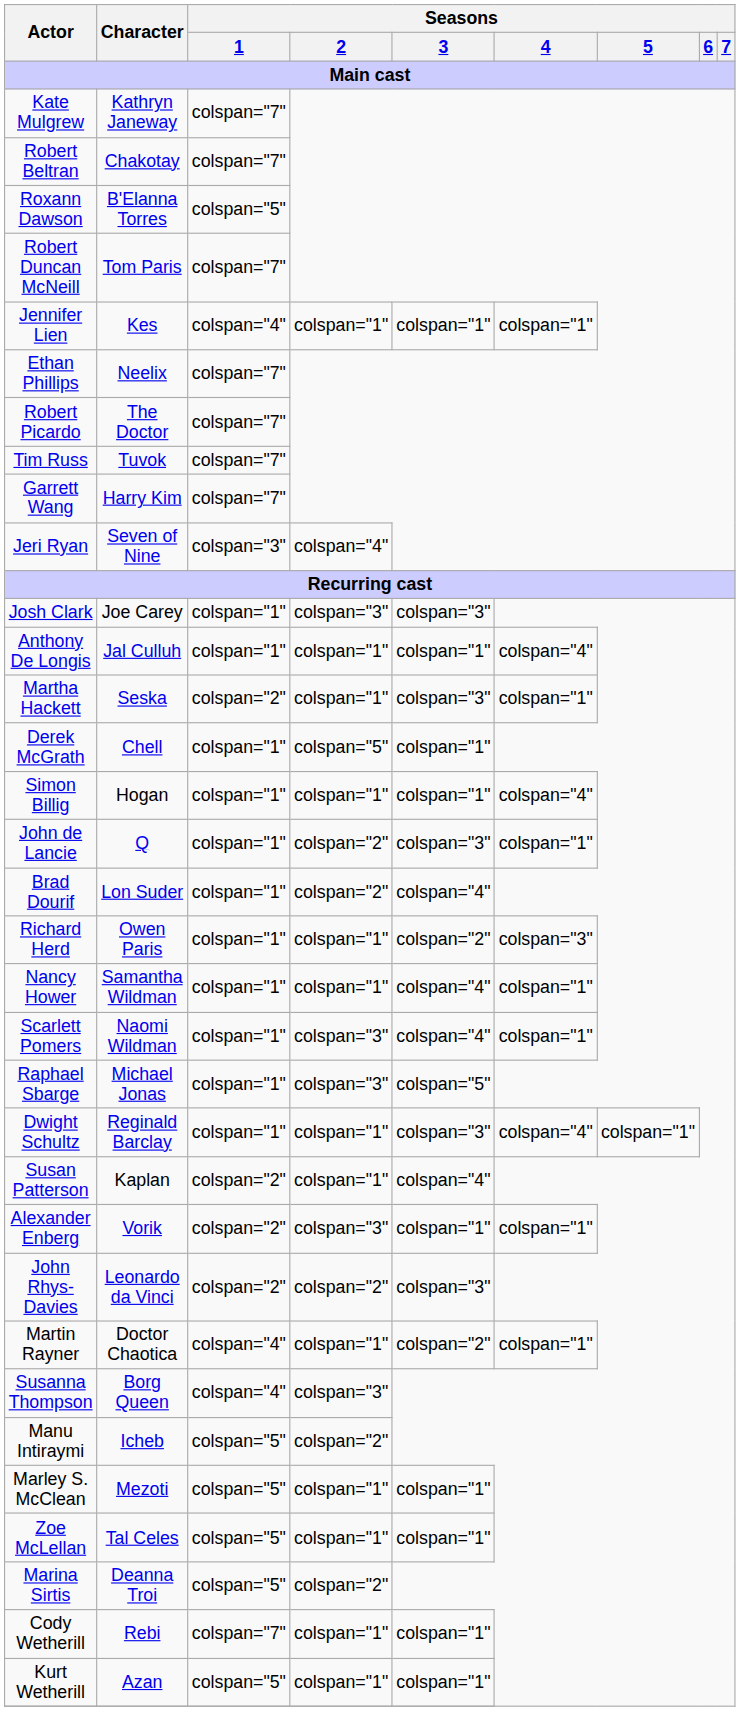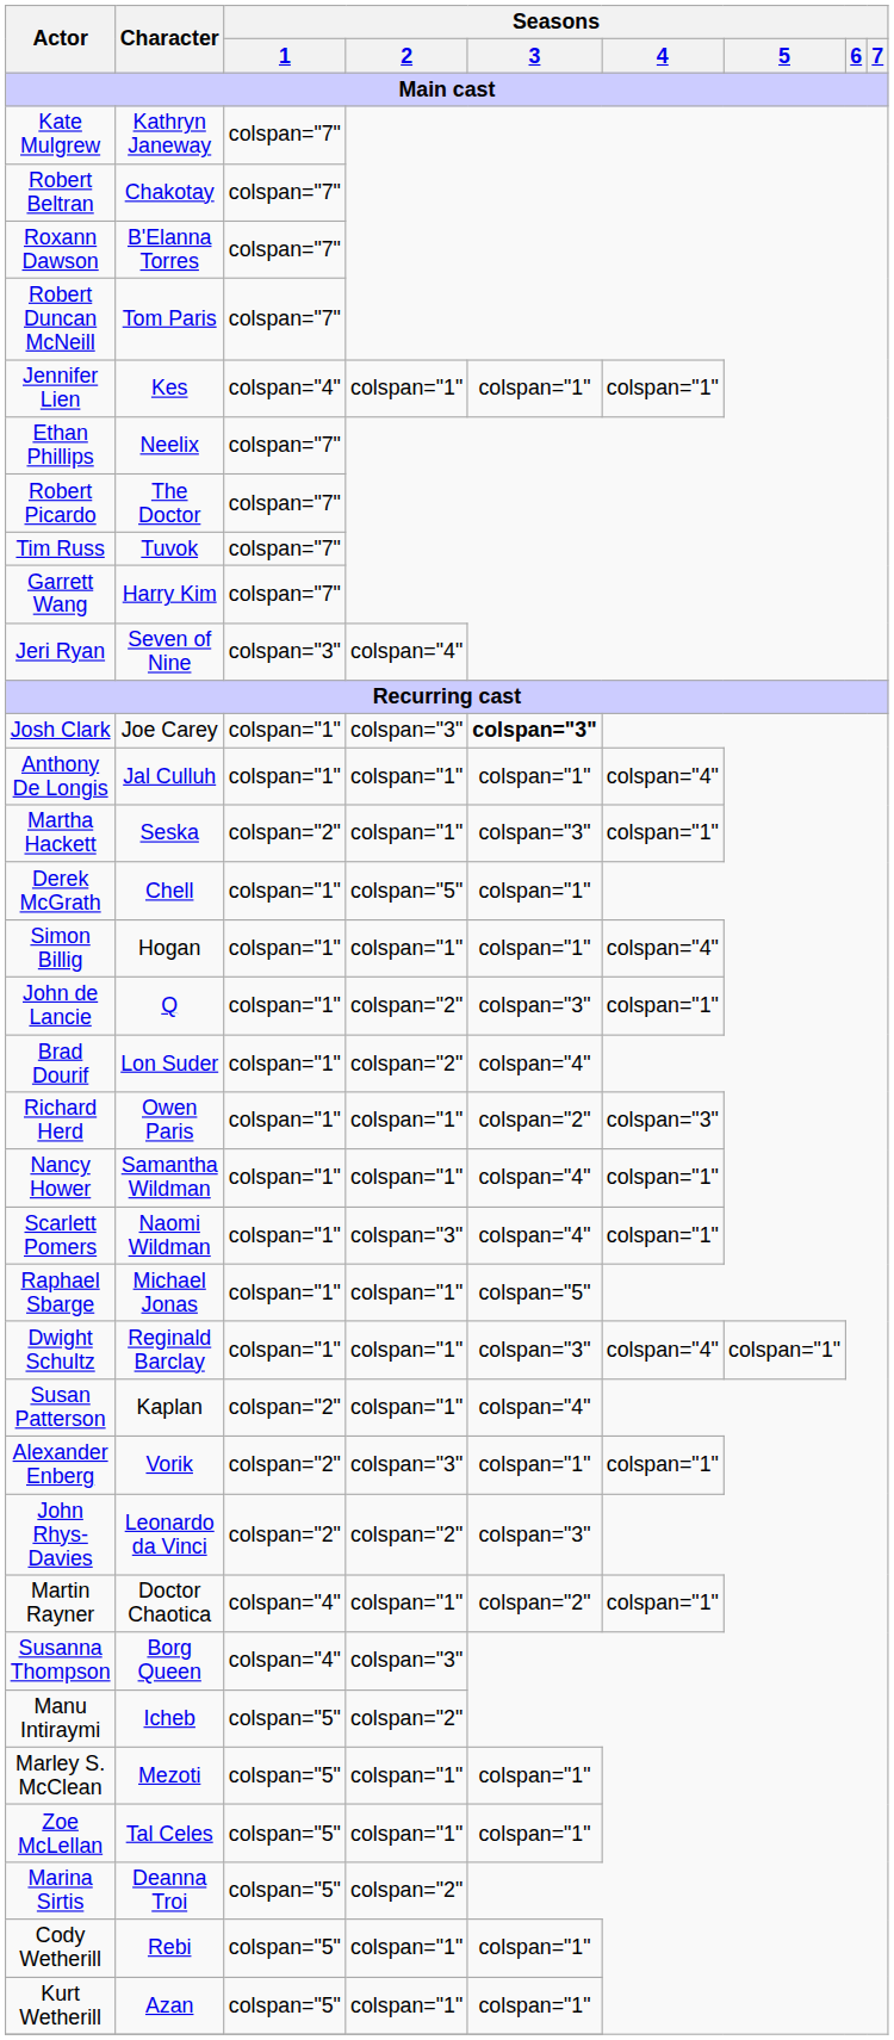 <table class="wikitable plainrowheaders" style="text-align:center; width:100%">
 <tr>
 <th scope="col" rowspan="2" style="width:15%;">Actor</th>
 <th scope="col" rowspan="2" style="width:15%;">Character</th>
 <th scope="col" colspan="7" style="width:21%;">Seasons</th>
 </tr>
 <tr>
 <th width="5%" scope="col"><a href='#'>1</a></th>
 <th width="5%" scope="col"><a href='#'>2</a></th>
 <th width="5%" scope="col"><a href='#'>3</a></th>
 <th width="5%" scope="col"><a href='#'>4</a></th>
 <th width="5%" scope="col"><a href='#'>5</a></th>
 <th width="5%" scope="col"><a href='#'>6</a></th>
 <th width="5%" scope="col"><a href='#'>7</a></th>
 </tr>
 <tr>
 <td scope="row" colspan="13" style="background-color:#ccccff;"><strong>Main cast</strong></td>
 </tr>
 <tr>
 <td><a href='#'>Kate Mulgrew</a></td>
 <td><a href='#'>Kathryn Janeway</a></td>
 <td>colspan="7" </td>
 </tr>
 <tr>
 <td><a href='#'>Robert Beltran</a></td>
 <td><a href='#'>Chakotay</a></td>
 <td>colspan="7" </td>
 </tr>
 <tr>
 <td><a href='#'>Roxann Dawson</a></td>
 <td><a href='#'>B'Elanna Torres</a></td>
-<td>colspan="5" </td>
+<td>colspan="7" </td>
 </tr>
 <tr>
 <td><a href='#'>Robert Duncan McNeill</a></td>
 <td><a href='#'>Tom Paris</a></td>
 <td>colspan="7" </td>
 </tr>
 <tr>
 <td><a href='#'>Jennifer Lien</a></td>
 <td><a href='#'>Kes</a></td>
 <td>colspan="4" </td>
 <td>colspan="1" </td>
 <td>colspan="1" </td>
 <td>colspan="1" </td>
 </tr>
 <tr>
 <td><a href='#'>Ethan Phillips</a></td>
 <td><a href='#'>Neelix</a></td>
 <td>colspan="7" </td>
 </tr>
 <tr>
 <td><a href='#'>Robert Picardo</a></td>
 <td><a href='#'>The Doctor</a></td>
 <td>colspan="7" </td>
 </tr>
 <tr>
 <td><a href='#'>Tim Russ</a></td>
 <td><a href='#'>Tuvok</a></td>
 <td>colspan="7" </td>
 </tr>
 <tr>
 <td><a href='#'>Garrett Wang</a></td>
 <td><a href='#'>Harry Kim</a></td>
 <td>colspan="7" </td>
 </tr>
 <tr>
 <td><a href='#'>Jeri Ryan</a></td>
 <td><a href='#'>Seven of Nine</a></td>
 <td>colspan="3" </td>
 <td>colspan="4" </td>
 </tr>
 <tr>
 <td scope="row" colspan="13" style="background-color:#ccccff;"><strong>Recurring cast</strong></td>
 </tr>
 <tr>
 <td><a href='#'>Josh Clark</a></td>
 <td>Joe Carey</td>
 <td>colspan="1" </td>
 <td>colspan="3" </td>
-<td>colspan="3" </td>
+<td><strong>colspan="3" </strong></td>
 </tr>
 <tr>
 <td><a href='#'>Anthony De Longis</a></td>
 <td><a href='#'>Jal Culluh</a></td>
 <td>colspan="1" </td>
 <td>colspan="1" </td>
 <td>colspan="1" </td>
 <td>colspan="4" </td>
 </tr>
 <tr>
 <td><a href='#'>Martha Hackett</a></td>
 <td><a href='#'>Seska</a></td>
 <td>colspan="2" </td>
 <td>colspan="1" </td>
 <td>colspan="3" </td>
 <td>colspan="1" </td>
 </tr>
 <tr>
 <td><a href='#'>Derek McGrath</a></td>
 <td><a href='#'>Chell</a></td>
 <td>colspan="1" </td>
 <td>colspan="5" </td>
 <td>colspan="1" </td>
 </tr>
 <tr>
 <td><a href='#'>Simon Billig</a></td>
 <td>Hogan</td>
 <td>colspan="1" </td>
 <td>colspan="1" </td>
 <td>colspan="1" </td>
 <td>colspan="4" </td>
 </tr>
 <tr>
 <td><a href='#'>John de Lancie</a></td>
 <td><a href='#'>Q</a></td>
 <td>colspan="1" </td>
 <td>colspan="2" </td>
 <td>colspan="3" </td>
 <td>colspan="1" </td>
 </tr>
 <tr>
 <td><a href='#'>Brad Dourif</a></td>
 <td><a href='#'>Lon Suder</a></td>
 <td>colspan="1" </td>
 <td>colspan="2" </td>
 <td>colspan="4" </td>
 </tr>
 <tr>
 <td><a href='#'>Richard Herd</a></td>
 <td><a href='#'>Owen Paris</a></td>
 <td>colspan="1" </td>
 <td>colspan="1" </td>
 <td>colspan="2" </td>
 <td>colspan="3" </td>
 </tr>
 <tr>
 <td><a href='#'>Nancy Hower</a></td>
 <td><a href='#'>Samantha Wildman</a></td>
 <td>colspan="1" </td>
 <td>colspan="1" </td>
 <td>colspan="4" </td>
 <td>colspan="1" </td>
 </tr>
 <tr>
 <td><a href='#'>Scarlett Pomers</a></td>
 <td><a href='#'>Naomi Wildman</a></td>
 <td>colspan="1" </td>
 <td>colspan="3" </td>
 <td>colspan="4" </td>
 <td>colspan="1" </td>
 </tr>
 <tr>
 <td><a href='#'>Raphael Sbarge</a></td>
 <td><a href='#'>Michael Jonas</a></td>
 <td>colspan="1" </td>
-<td>colspan="3" </td>
+<td>colspan="1" </td>
 <td>colspan="5" </td>
 </tr>
 <tr>
 <td><a href='#'>Dwight Schultz</a></td>
 <td><a href='#'>Reginald Barclay</a></td>
 <td>colspan="1" </td>
 <td>colspan="1" </td>
 <td>colspan="3" </td>
 <td>colspan="4" </td>
 <td>colspan="1" </td>
 </tr>
 <tr>
 <td><a href='#'>Susan Patterson</a></td>
 <td>Kaplan</td>
 <td>colspan="2" </td>
 <td>colspan="1" </td>
 <td>colspan="4" </td>
 </tr>
 <tr>
 <td><a href='#'>Alexander Enberg</a></td>
 <td><a href='#'>Vorik</a></td>
 <td>colspan="2" </td>
 <td>colspan="3" </td>
 <td>colspan="1" </td>
 <td>colspan="1" </td>
 </tr>
 <tr>
 <td><a href='#'>John Rhys-Davies</a></td>
 <td><a href='#'>Leonardo da Vinci</a></td>
 <td>colspan="2" </td>
 <td>colspan="2" </td>
 <td>colspan="3" </td>
 </tr>
 <tr>
 <td>Martin Rayner</td>
 <td>Doctor Chaotica</td>
 <td>colspan="4" </td>
 <td>colspan="1" </td>
 <td>colspan="2" </td>
 <td>colspan="1" </td>
 </tr>
 <tr>
 <td><a href='#'>Susanna Thompson</a></td>
 <td><a href='#'>Borg Queen</a></td>
 <td>colspan="4" </td>
 <td>colspan="3" </td>
 </tr>
 <tr>
 <td>Manu Intiraymi</td>
 <td><a href='#'>Icheb</a></td>
 <td>colspan="5" </td>
 <td>colspan="2" </td>
 </tr>
 <tr>
 <td>Marley S. McClean</td>
 <td><a href='#'>Mezoti</a></td>
 <td>colspan="5" </td>
 <td>colspan="1" </td>
 <td>colspan="1" </td>
 </tr>
 <tr>
 <td><a href='#'>Zoe McLellan</a></td>
 <td><a href='#'>Tal Celes</a></td>
 <td>colspan="5" </td>
 <td>colspan="1" </td>
 <td>colspan="1" </td>
 </tr>
 <tr>
 <td><a href='#'>Marina Sirtis</a></td>
 <td><a href='#'>Deanna Troi</a></td>
 <td>colspan="5" </td>
 <td>colspan="2" </td>
 </tr>
 <tr>
 <td>Cody Wetherill</td>
 <td><a href='#'>Rebi</a></td>
-<td>colspan="7" </td>
+<td>colspan="5" </td>
 <td>colspan="1" </td>
 <td>colspan="1" </td>
 </tr>
 <tr>
 <td>Kurt Wetherill</td>
 <td><a href='#'>Azan</a></td>
 <td>colspan="5" </td>
 <td>colspan="1" </td>
 <td>colspan="1" </td>
 </tr>
 <tr>
 </tr>
 </table>
